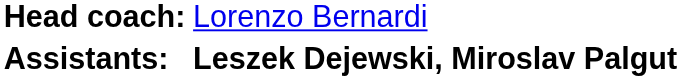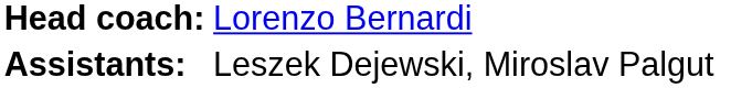 <table>
 <tr>
 <td><strong>Head coach:</strong></td>
 <td> <a href='#'>Lorenzo Bernardi</a></td>
 </tr>
 <tr>
 <td><strong>Assistants:</strong></td>
-<td><strong> Leszek Dejewski,  Miroslav Palgut</strong></td>
+<td> Leszek Dejewski,  Miroslav Palgut</td>
 </tr>
 <tr>
 </tr>
 </table>
